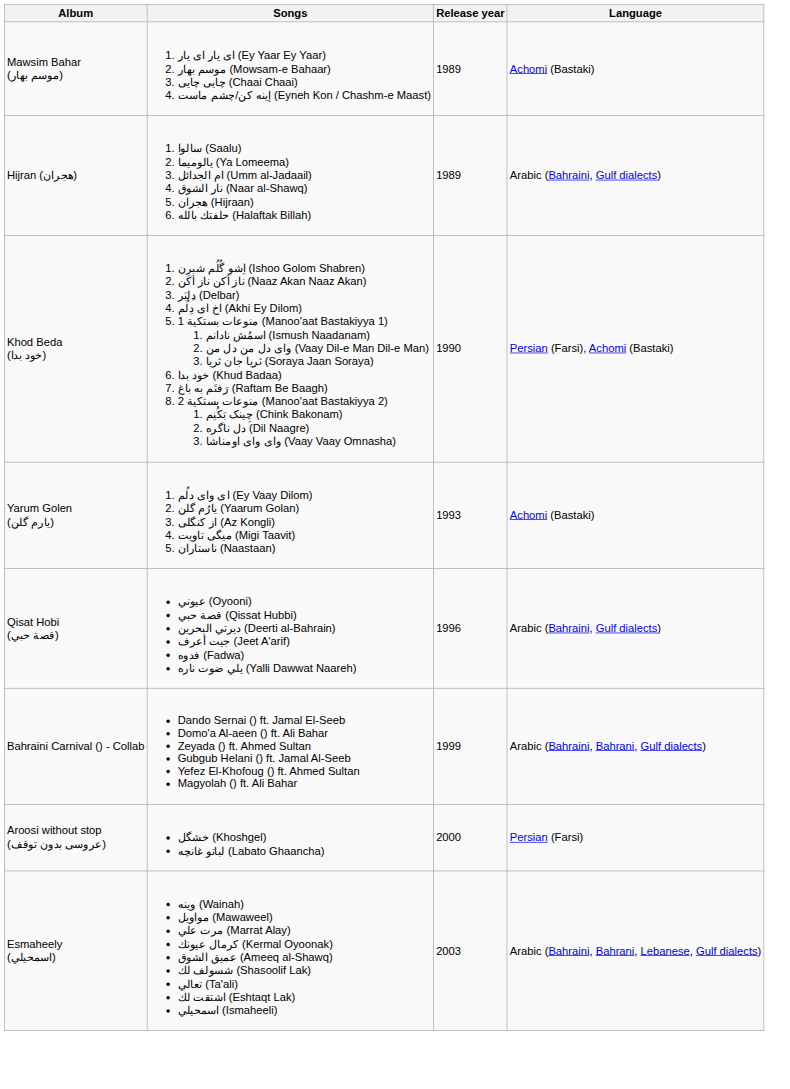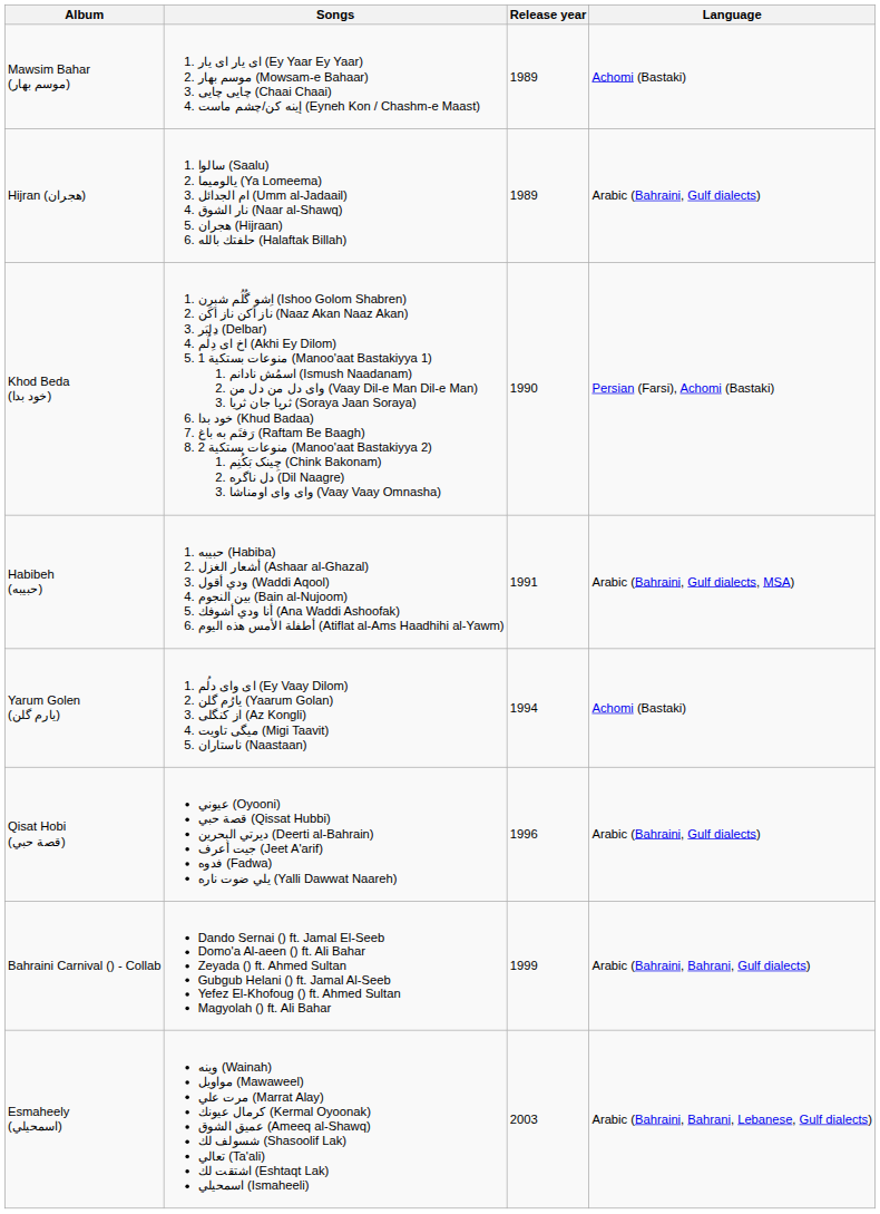 <table class="wikitable">
 <tr>
 <th>Album</th>
 <th>Songs</th>
 <th>Release year</th>
 <th>Language</th>
 </tr>
 <tr>
 <td>Mawsim Bahar<br>(موسم بهار)</td>
 <td><br><ol><li>ای یار ای یار (Ey Yaar Ey Yaar)  </li><li>موسم بهار (Mowsam-e Bahaar)  </li><li>چایی چایی (Chaai Chaai)  </li><li>إینه کن/چشم ماست (Eyneh Kon / Chashm-e Maast)</li></ol></td>
 <td>1989</td>
 <td><a href='#'>Achomi</a> (Bastaki)</td>
 </tr>
 <tr>
 <td>Hijran (هجران)</td>
 <td><br><ol><li>سالوا (Saalu)  </li><li>يالوميما (Ya Lomeema)  </li><li>ام الجدائل (Umm al-Jadaail)  </li><li>نار الشوق (Naar al-Shawq)  </li><li>هجران (Hijraan)  </li><li>حلفتك بالله (Halaftak Billah)</li></ol></td>
 <td>1989</td>
 <td>Arabic (<a href='#'>Bahraini</a>, <a href='#'>Gulf dialects</a>)</td>
 </tr>
 <tr>
 <td>Khod Beda<br>(خود بدا)</td>
 <td><br><ol><li>اِشو گُلُم شبرِن (Ishoo Golom Shabren)</li><li>ناز اَکن ناز اَکن (Naaz Akan Naaz Akan)</li><li>دِلبَر (Delbar)</li><li>اخ ای دِلُم (Akhi Ey Dilom)</li><li>منوعات بستكية 1 (Manoo'aat Bastakiyya 1)<ol><li>اسمُش نادانم (Ismush Naadanam)</li><li>وای دل من دل من (Vaay Dil-e Man Dil-e Man)</li><li>ثریا جان ثریا (Soraya Jaan Soraya)</li></ol></li><li>خود بدا (Khud Badaa)</li><li>رَفتَم به باغ (Raftam Be Baagh)</li><li>منوعات بستكية 2 (Manoo'aat Bastakiyya 2)<ol><li>چِینک بَکُنِم (Chink Bakonam)</li><li>دل ناگره (Dil Naagre)</li><li>وای وای اومناشا (Vaay Vaay Omnasha)</li></ol></li></ol></td>
 <td>1990</td>
 <td><a href='#'>Persian</a> (Farsi), <a href='#'>Achomi</a> (Bastaki)</td>
 </tr>
 <tr>
+<td>Habibeh<br>(حبيبه)</td>
+<td><br><ol><li>حبيبه (Habiba)  </li><li>أشعار الغزل (Ashaar al-Ghazal)  </li><li>ودي أقول (Waddi Aqool)  </li><li>بين النجوم (Bain al-Nujoom)  </li><li>أنا ودي أشوفك (Ana Waddi Ashoofak)  </li><li>أطفلة الأمس هذه اليوم (Atiflat al-Ams Haadhihi al-Yawm)</li></ol></td>
+<td>1991</td>
+<td>Arabic (<a href='#'>Bahraini</a>, <a href='#'>Gulf dialects</a>, <a href='#'>MSA</a>)</td>
+</tr>
+<tr>
 <td>Yarum Golen<br>(یارم گلن)</td>
 <td><br><ol><li>ای وای دلُم (Ey Vaay Dilom)  </li><li>یارُم گلن (Yaarum Golan)  </li><li>از کنگلی (Az Kongli)  </li><li>میگی تاویت (Migi Taavit)  </li><li>ناستاران (Naastaan)</li></ol></td>
-<td>1993</td>
+<td>1994</td>
 <td><a href='#'>Achomi</a> (Bastaki)</td>
 </tr>
 <tr>
 <td>Qisat Hobi<br>(قصة حبي)</td>
 <td><br><ul><li>عيوني (Oyooni)  </li><li>قصة حبي (Qissat Hubbi)  </li><li>ديرتي البحرين (Deerti al-Bahrain)  </li><li>جيت أعرف (Jeet A'arif)  </li><li>فدوه (Fadwa)  </li><li>يلي ضوت ناره (Yalli Dawwat Naareh)</li></ul></td>
 <td>1996</td>
 <td>Arabic (<a href='#'>Bahraini</a>, <a href='#'>Gulf dialects</a>)</td>
 </tr>
 <tr>
 <td>Bahraini Carnival () - Collab</td>
 <td><br><ul><li>Dando Sernai () ft. Jamal El-Seeb</li><li>Domo'a Al-aeen () ft. Ali Bahar</li><li>Zeyada () ft. Ahmed Sultan</li><li>Gubgub Helani () ft. Jamal Al-Seeb</li><li>Yefez El-Khofoug () ft. Ahmed Sultan</li><li>Magyolah () ft. Ali Bahar</li></ul></td>
 <td>1999</td>
 <td>Arabic (<a href='#'>Bahraini</a>, <a href='#'>Bahrani</a>, <a href='#'>Gulf dialects</a>)</td>
 </tr>
 <tr>
-<td>Aroosi without stop<br>(عروسی بدون توقف)</td>
-<td><br><ul><li>خشگل (Khoshgel)  </li><li>لباتو غانچه (Labato Ghaancha)</li></ul></td>
-<td>2000</td>
-<td><a href='#'>Persian</a> (Farsi)</td>
-</tr>
-<tr>
 <td>Esmaheely<br>(اسمحيلي)</td>
 <td><br><ul><li>وينه (Wainah)</li><li>مواويل (Mawaweel)</li><li>مرت علي (Marrat Alay)</li><li>كرمال عيونك (Kermal Oyoonak)</li><li>عميق الشوق (Ameeq al-Shawq)</li><li>شسولف لك (Shasoolif Lak)</li><li>تعالي (Ta'ali)</li><li>اشتقت لك (Eshtaqt Lak)</li><li>اسمحيلي (Ismaheeli)</li></ul></td>
 <td>2003</td>
 <td>Arabic (<a href='#'>Bahraini</a>, <a href='#'>Bahrani</a>, <a href='#'>Lebanese</a>, <a href='#'>Gulf dialects</a>)</td>
 </tr>
 </table>
